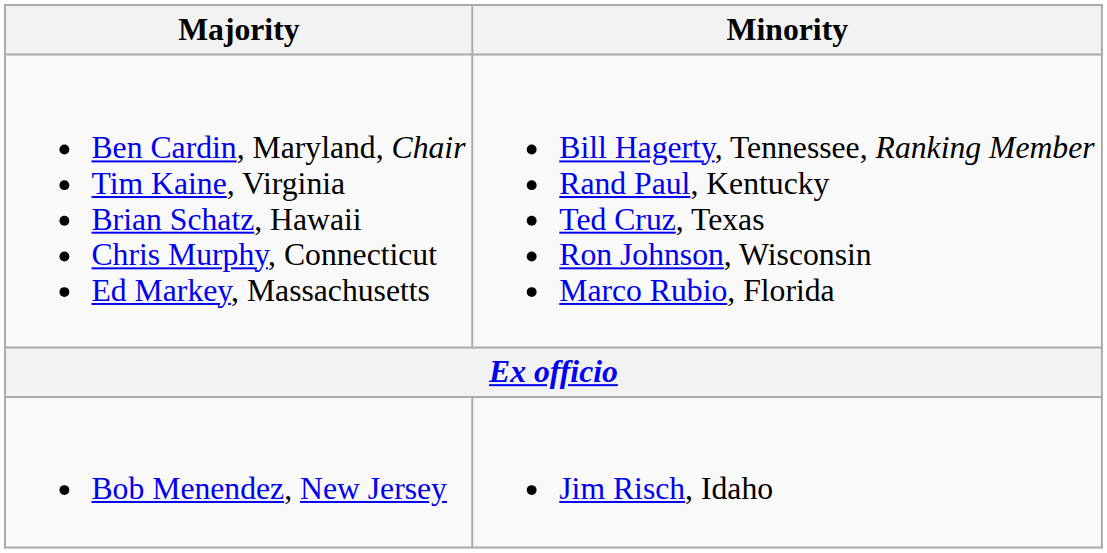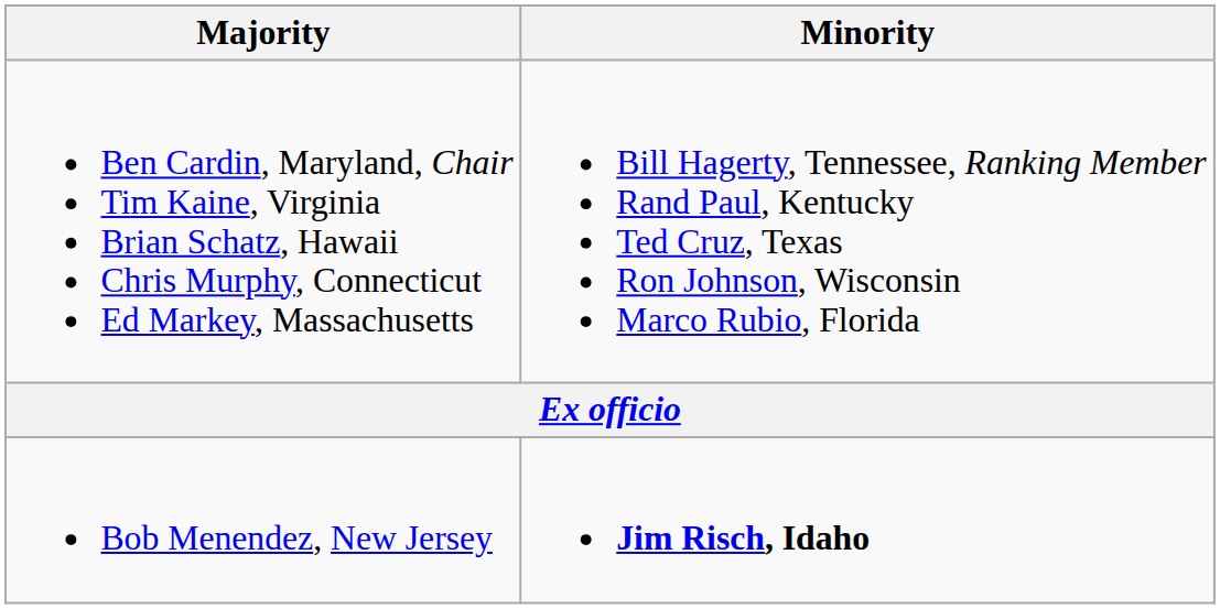 <table class=wikitable>
 <tr>
 <th>Majority</th>
 <th>Minority</th>
 </tr>
 <tr>
 <td><br><ul><li><a href='#'>Ben Cardin</a>, Maryland, <em>Chair</em></li><li><a href='#'>Tim Kaine</a>, Virginia</li><li><a href='#'>Brian Schatz</a>, Hawaii</li><li><a href='#'>Chris Murphy</a>, Connecticut</li><li><a href='#'>Ed Markey</a>, Massachusetts</li></ul></td>
 <td><br><ul><li><a href='#'>Bill Hagerty</a>, Tennessee, <em>Ranking Member</em></li><li><a href='#'>Rand Paul</a>, Kentucky</li><li><a href='#'>Ted Cruz</a>, Texas</li><li><a href='#'>Ron Johnson</a>, Wisconsin</li><li><a href='#'>Marco Rubio</a>, Florida</li></ul></td>
 </tr>
 <tr>
 <th colspan=2><em><a href='#'>Ex officio</a></em></th>
 </tr>
 <tr>
 <td><br><ul><li><a href='#'>Bob Menendez</a>, <a href='#'>New Jersey</a></li></ul></td>
-<td><br><ul><li><a href='#'>Jim Risch</a>, Idaho</li></ul></td>
+<td><strong><br><ul><li><a href='#'>Jim Risch</a>, Idaho</li></ul></strong></td>
 </tr>
 </table>
